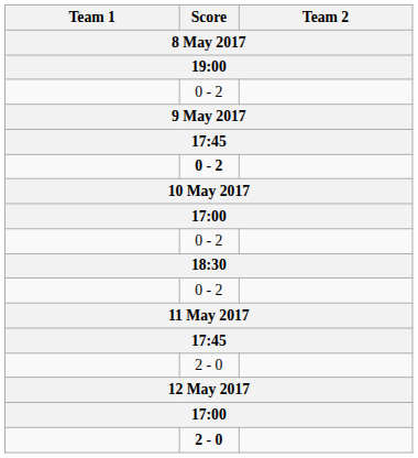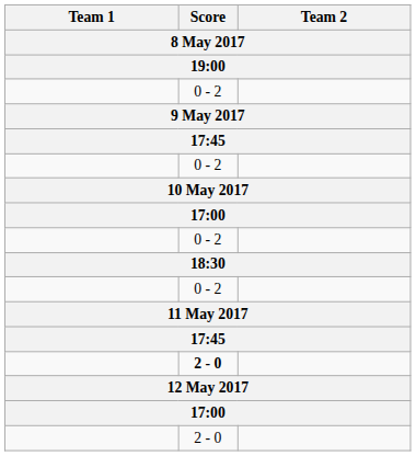 <table class="wikitable" style="text-align: center; font-size:90% ">
 <tr>
 <th align="right" width="160">Team 1</th>
 <th width="50">Score</th>
 <th align="left" width="160">Team 2</th>
 </tr>
 <tr>
 <th colspan=3>8 May 2017</th>
 </tr>
 <tr>
 <th colspan=3>19:00</th>
 </tr>
 <tr>
 <td align=right></td>
 <td align=center>0 - 2</td>
 <td align=left></td>
 </tr>
 <tr>
 <th colspan=3>9 May 2017</th>
 </tr>
 <tr>
 <th colspan=3>17:45</th>
 </tr>
 <tr>
 <td align=right></td>
-<td align=center><strong>0 - 2</strong></td>
+<td align=center>0 - 2</td>
 <td align=left></td>
 </tr>
 <tr>
 <th colspan=3>10 May 2017</th>
 </tr>
 <tr>
 <th colspan=3>17:00</th>
 </tr>
 <tr>
 <td align=right></td>
 <td align=center>0 - 2</td>
 <td align=left></td>
 </tr>
 <tr>
 <th colspan=3>18:30</th>
 </tr>
 <tr>
 <td align=right></td>
 <td align=center>0 - 2</td>
 <td align=left></td>
 </tr>
 <tr>
 <th colspan=3>11 May 2017</th>
 </tr>
 <tr>
 <th colspan=3>17:45</th>
 </tr>
 <tr>
 <td align=right></td>
-<td align=center>2 - 0</td>
+<td align=center><strong>2 - 0</strong></td>
 <td align=left></td>
 </tr>
 <tr>
 <th colspan=3>12 May 2017</th>
 </tr>
 <tr>
 <th colspan=3>17:00</th>
 </tr>
 <tr>
 <td align=right></td>
-<td align=center><strong>2 - 0</strong></td>
+<td align=center>2 - 0</td>
 <td align=left></td>
 </tr>
 </table>
